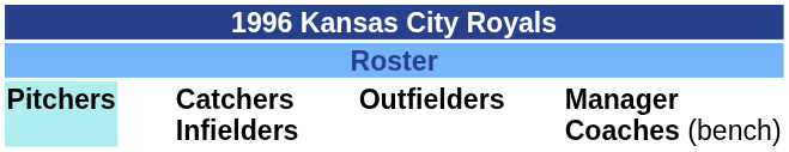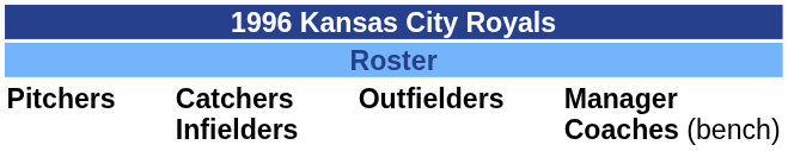 <table class="toccolours" style="font-size: 95%;">
 <tr>
 <th colspan="10" style="background-color: #27408B; color: #FFFFFF; text-align: center;">1996 Kansas City Royals</th>
 </tr>
 <tr>
 <td colspan="10" style="background-color: #74B4FA; color: #27408B; text-align: center;"><strong>Roster</strong></td>
 </tr>
 <tr>
-<td valign="top" style="background: paleturquoise;"><strong>Pitchers</strong><br>                   </td>
+<td valign="top"><strong>Pitchers</strong><br>                   </td>
 <td width="25px"></td>
 <td valign="top"><strong>Catchers</strong><br>    <strong>Infielders</strong>         </td>
 <td width="25px"></td>
 <td valign="top"><strong>Outfielders</strong><br>       </td>
 <td width="25px"></td>
 <td valign="top"><strong>Manager</strong><br> <strong>Coaches</strong>       (bench)</td>
 </tr>
 </table>
